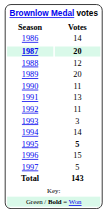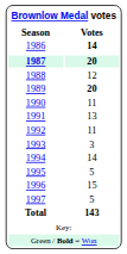 <table style="margin-right:4px; margin-top:8px; float:right; border:1px #000 solid; border-radius:8px; background:#fff; font-family:Verdana; font-size:8pt; text-align:center;">
 <tr style="background:#fff;">
 <td colspan="2;" style="padding:3px; margin-bottom:-3px; margin-top:2px; font-family:Arial; "><strong><a href='#'>Brownlow Medal</a> votes</strong></td>
 </tr>
 <tr>
 <th style="width:50%;">Season</th>
 <th style="width:50%;">Votes</th>
 </tr>
 <tr>
 <td><a href='#'>1986</a></td>
-<td>14</td>
+<td><strong>14</strong></td>
 </tr>
 <tr>
 </tr>
 <tr style="background:#D9F9E9;">
 <td><strong><a href='#'>1987</a></strong></td>
 <td><strong>20</strong></td>
 </tr>
 <tr>
 <td><a href='#'>1988</a></td>
 <td>12</td>
 </tr>
 <tr>
 <td><a href='#'>1989</a></td>
-<td>20</td>
+<td><strong>20</strong></td>
 </tr>
 <tr>
 <td><a href='#'>1990</a></td>
 <td>11</td>
 </tr>
 <tr>
 <td><a href='#'>1991</a></td>
 <td>13</td>
 </tr>
 <tr>
 <td><a href='#'>1992</a></td>
 <td>11</td>
 </tr>
 <tr>
 <td><a href='#'>1993</a></td>
 <td>3</td>
 </tr>
 <tr>
 <td><a href='#'>1994</a></td>
 <td>14</td>
 </tr>
 <tr>
 <td><a href='#'>1995</a></td>
-<td><strong>5</strong></td>
+<td>5</td>
 </tr>
 <tr>
 <td><a href='#'>1996</a></td>
 <td>15</td>
 </tr>
 <tr>
 <td><a href='#'>1997</a></td>
 <td>5</td>
 </tr>
 <tr>
 <td><strong>Total</strong></td>
 <td><strong>143</strong></td>
 </tr>
 <tr>
 <td colspan=2><small>Key:</small></td>
 </tr>
 <tr style="background:#d9f9e9; border:1px solid #aaa; width:2em;">
 <td colspan=2><small>Green / <strong>Bold</strong> = <a href='#'>Won</a></small></td>
 </tr>
 </table>
